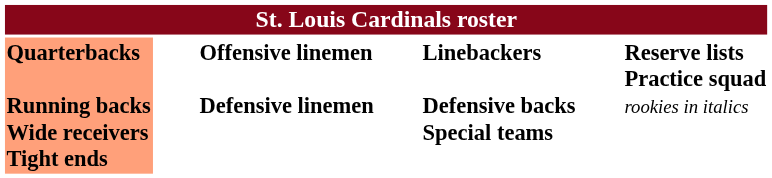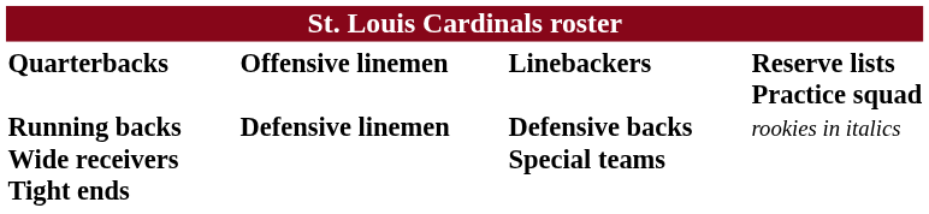 <table class="toccolours" style="text-align: left;">
 <tr>
 <th colspan="9" style="background-color: #870619; color: white; text-align: center;"><strong>St. Louis Cardinals roster</strong></th>
 </tr>
 <tr>
-<td style="background: lightsalmon; font-size: 95%;" valign="top"><strong>Quarterbacks</strong><br>  <br><strong>Running backs</strong>      <br><strong>Wide receivers</strong>    <br><strong>Tight ends</strong>  </td>
+<td style="font-size: 95%;" valign="top"><strong>Quarterbacks</strong><br>  <br><strong>Running backs</strong>      <br><strong>Wide receivers</strong>    <br><strong>Tight ends</strong>  </td>
 <td style="width: 25px;"></td>
 <td style="font-size: 95%;" valign="top"><strong>Offensive linemen</strong><br>      <br><strong>Defensive linemen</strong>      </td>
 <td style="width: 25px;"></td>
 <td style="font-size: 95%;" valign="top"><strong>Linebackers</strong><br>     <br><strong>Defensive backs</strong>       <br><strong>Special teams</strong>  </td>
 <td style="width: 25px;"></td>
 <td style="font-size: 95%;" valign="top"><strong>Reserve lists</strong><br><strong>Practice squad</strong><br><small><em>rookies in italics</em></small><br></td>
 </tr>
 <tr>
 </tr>
 </table>
